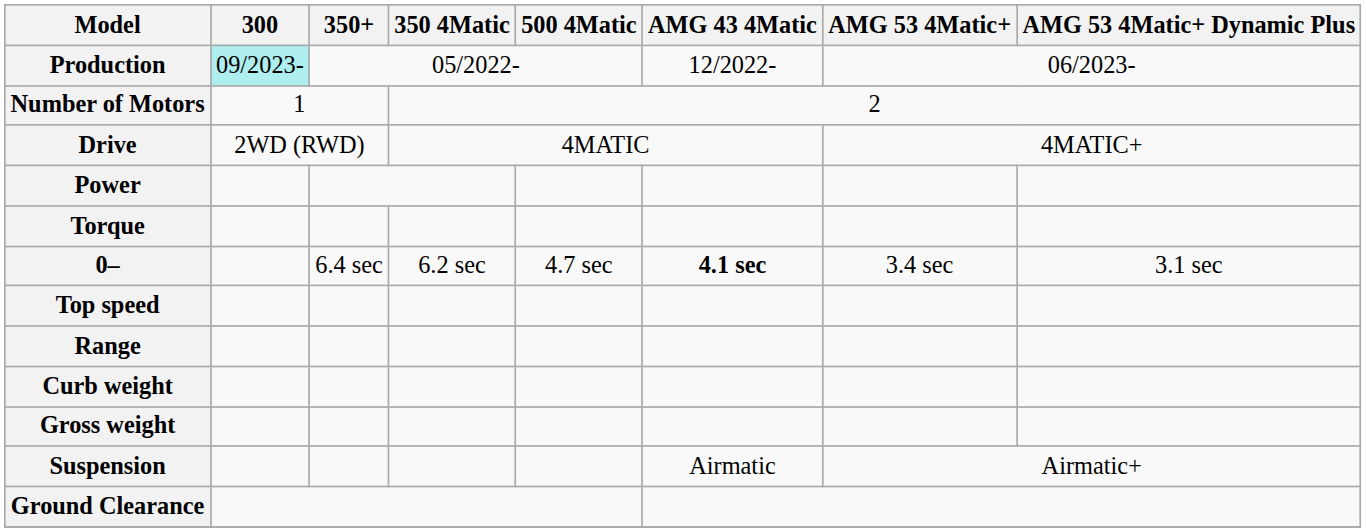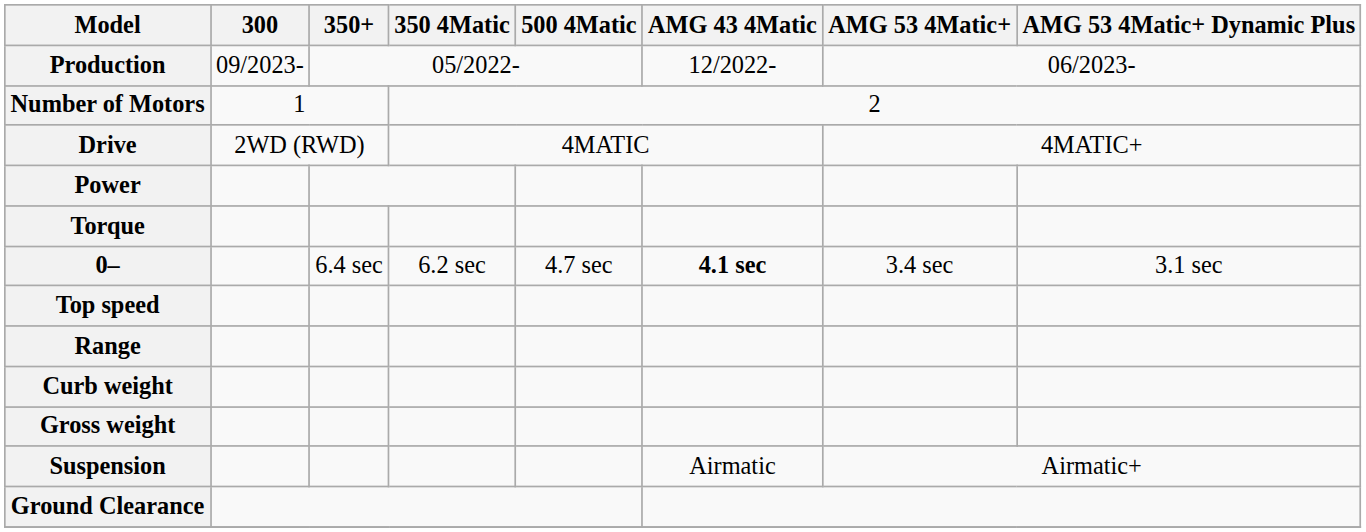 <table class="wikitable" style="text-align: center;font-size:90%;">
 <tr>
 <th>Model</th>
 <th>300</th>
 <th>350+</th>
 <th>350 4Matic</th>
 <th>500 4Matic</th>
 <th>AMG 43 4Matic</th>
 <th>AMG 53 4Matic+</th>
 <th>AMG 53 4Matic+ Dynamic Plus</th>
 </tr>
 <tr>
 <th>Production</th>
-<td style="background: paleturquoise;">09/2023-</td>
+<td>09/2023-</td>
 <td colspan="3">05/2022-</td>
 <td>12/2022-</td>
 <td colspan="3">06/2023-</td>
 </tr>
 <tr>
 <th>Number of Motors</th>
 <td colspan="2">1</td>
 <td colspan="5">2</td>
 </tr>
 <tr>
 <th>Drive</th>
 <td colspan="2">2WD (RWD)</td>
 <td colspan="3">4MATIC</td>
 <td colspan="2">4MATIC+</td>
 </tr>
 <tr>
 <th>Power</th>
 <td></td>
 <td colspan="2"></td>
 <td></td>
 <td></td>
 <td></td>
 <td></td>
 </tr>
 <tr>
 <th>Torque</th>
 <td></td>
 <td></td>
 <td></td>
 <td></td>
 <td></td>
 <td></td>
 <td></td>
 </tr>
 <tr>
 <th>0–</th>
 <td></td>
 <td>6.4 sec</td>
 <td>6.2 sec</td>
 <td>4.7 sec</td>
 <td><strong>4.1 sec</strong></td>
 <td>3.4 sec</td>
 <td>3.1 sec</td>
 </tr>
 <tr>
 <th>Top speed</th>
 <td></td>
 <td></td>
 <td></td>
 <td></td>
 <td></td>
 <td></td>
 <td></td>
 </tr>
 <tr>
 <th>Range</th>
 <td></td>
 <td></td>
 <td></td>
 <td></td>
 <td></td>
 <td></td>
 <td></td>
 </tr>
 <tr>
 <th>Curb weight</th>
 <td></td>
 <td></td>
 <td></td>
 <td></td>
 <td></td>
 <td></td>
 <td></td>
 </tr>
 <tr>
 <th>Gross weight</th>
 <td></td>
 <td></td>
 <td></td>
 <td></td>
 <td></td>
 <td></td>
 <td></td>
 </tr>
 <tr>
 <th>Suspension</th>
 <td></td>
 <td></td>
 <td></td>
 <td></td>
 <td colspan="1">Airmatic</td>
 <td colspan="2">Airmatic+</td>
 </tr>
 <tr>
 <th>Ground Clearance</th>
 <td colspan="4"></td>
 <td colspan="3"></td>
 </tr>
 <tr>
 </tr>
 </table>
